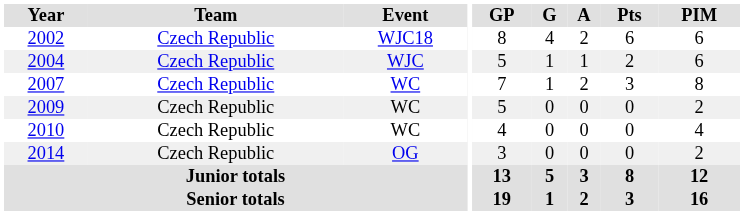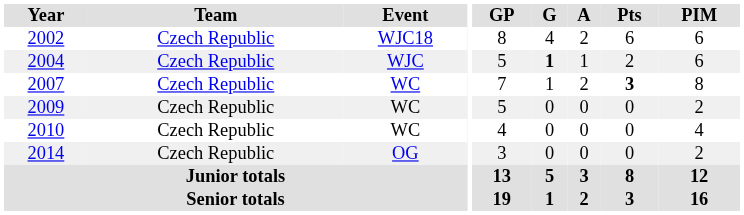 <table border="0" cellpadding="1" cellspacing="0" ID="Table3" style="text-align:center; width:40em">
 <tr ALIGN="center" bgcolor="#e0e0e0">
 <th>Year</th>
 <th>Team</th>
 <th>Event</th>
 <th rowspan="99" bgcolor="#ffffff"></th>
 <th>GP</th>
 <th>G</th>
 <th>A</th>
 <th>Pts</th>
 <th>PIM</th>
 </tr>
 <tr>
 <td><a href='#'>2002</a></td>
 <td><a href='#'>Czech Republic</a></td>
 <td><a href='#'>WJC18</a></td>
 <td>8</td>
 <td>4</td>
 <td>2</td>
 <td>6</td>
 <td>6</td>
 </tr>
 <tr bgcolor="#f0f0f0">
 <td><a href='#'>2004</a></td>
 <td><a href='#'>Czech Republic</a></td>
 <td><a href='#'>WJC</a></td>
 <td>5</td>
-<td>1</td>
+<td><strong>1</strong></td>
 <td>1</td>
 <td>2</td>
 <td>6</td>
 </tr>
 <tr>
 <td><a href='#'>2007</a></td>
 <td><a href='#'>Czech Republic</a></td>
 <td><a href='#'>WC</a></td>
 <td>7</td>
 <td>1</td>
 <td>2</td>
-<td>3</td>
+<td><strong>3</strong></td>
 <td>8</td>
 </tr>
 <tr bgcolor="#f0f0f0">
 <td><a href='#'>2009</a></td>
 <td>Czech Republic</td>
 <td>WC</td>
 <td>5</td>
 <td>0</td>
 <td>0</td>
 <td>0</td>
 <td>2</td>
 </tr>
 <tr>
 <td><a href='#'>2010</a></td>
 <td>Czech Republic</td>
 <td>WC</td>
 <td>4</td>
 <td>0</td>
 <td>0</td>
 <td>0</td>
 <td>4</td>
 </tr>
 <tr bgcolor="#f0f0f0">
 <td><a href='#'>2014</a></td>
 <td>Czech Republic</td>
 <td><a href='#'>OG</a></td>
 <td>3</td>
 <td>0</td>
 <td>0</td>
 <td>0</td>
 <td>2</td>
 </tr>
 <tr bgcolor="#e0e0e0">
 <th colspan="3">Junior totals</th>
 <th>13</th>
 <th>5</th>
 <th>3</th>
 <th>8</th>
 <th>12</th>
 </tr>
 <tr bgcolor="#e0e0e0">
 <th colspan="3">Senior totals</th>
 <th>19</th>
 <th>1</th>
 <th>2</th>
 <th>3</th>
 <th>16</th>
 </tr>
 </table>
